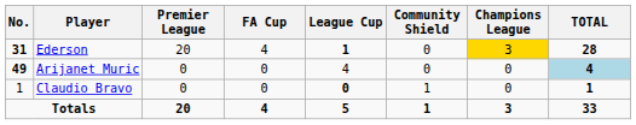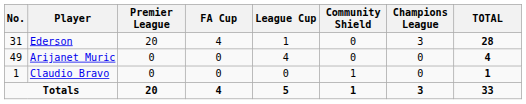 <table class="wikitable sortable alternance" style="text-align:center">
 <tr>
 <th>No.</th>
 <th>Player</th>
 <th width=80>Premier League</th>
 <th width=80>FA Cup</th>
 <th width=80>League Cup</th>
 <th width=80>Community Shield</th>
 <th width=80>Champions League</th>
 <th width=80>TOTAL</th>
 </tr>
 <tr>
-<td><strong>31</strong></td>
+<td>31</td>
 <td align="left"> <a href='#'>Ederson</a></td>
 <td>20</td>
 <td>4</td>
-<td><strong>1</strong></td>
+<td>1</td>
 <td>0</td>
-<td style="background: gold;">3</td>
+<td>3</td>
 <td><strong>28</strong></td>
 </tr>
 <tr>
-<td><strong>49</strong></td>
+<td>49</td>
 <td align="left"> <a href='#'>Arijanet Muric</a></td>
 <td>0</td>
 <td>0</td>
 <td>4</td>
 <td>0</td>
 <td>0</td>
-<td style="background: lightblue;"><strong>4</strong></td>
+<td><strong>4</strong></td>
 </tr>
 <tr>
 <td>1</td>
 <td align="left"> <a href='#'>Claudio Bravo</a></td>
 <td>0</td>
 <td>0</td>
-<td><strong>0</strong></td>
+<td>0</td>
 <td>1</td>
 <td>0</td>
 <td><strong>1</strong></td>
 </tr>
 <tr class="sortbottom">
 <td colspan="2"><strong>Totals</strong></td>
 <td><strong>20</strong></td>
 <td><strong>4</strong></td>
 <td><strong>5</strong></td>
 <td><strong>1</strong></td>
 <td><strong>3</strong></td>
 <td><strong>33</strong></td>
 </tr>
 </table>
